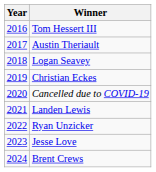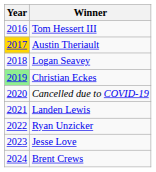 <table class="wikitable">
 <tr>
 <th>Year</th>
 <th>Winner</th>
 </tr>
 <tr>
 <td><a href='#'>2016</a></td>
 <td><a href='#'>Tom Hessert III</a></td>
 </tr>
 <tr>
-<td><a href='#'>2017</a></td>
+<td style="background: gold;"><a href='#'>2017</a></td>
 <td><a href='#'>Austin Theriault</a></td>
 </tr>
 <tr>
 <td><a href='#'>2018</a></td>
 <td><a href='#'>Logan Seavey</a></td>
 </tr>
 <tr>
-<td><a href='#'>2019</a></td>
+<td style="background: lightgreen;"><a href='#'>2019</a></td>
 <td><a href='#'>Christian Eckes</a></td>
 </tr>
 <tr>
 <td><a href='#'>2020</a></td>
 <td><em>Cancelled due to <a href='#'>COVID-19</a></em></td>
 </tr>
 <tr>
 <td><a href='#'>2021</a></td>
 <td><a href='#'>Landen Lewis</a></td>
 </tr>
 <tr>
 <td><a href='#'>2022</a></td>
 <td><a href='#'>Ryan Unzicker</a></td>
 </tr>
 <tr>
 <td><a href='#'>2023</a></td>
 <td><a href='#'>Jesse Love</a></td>
 </tr>
 <tr>
 <td><a href='#'>2024</a></td>
 <td><a href='#'>Brent Crews</a></td>
 </tr>
 </table>
